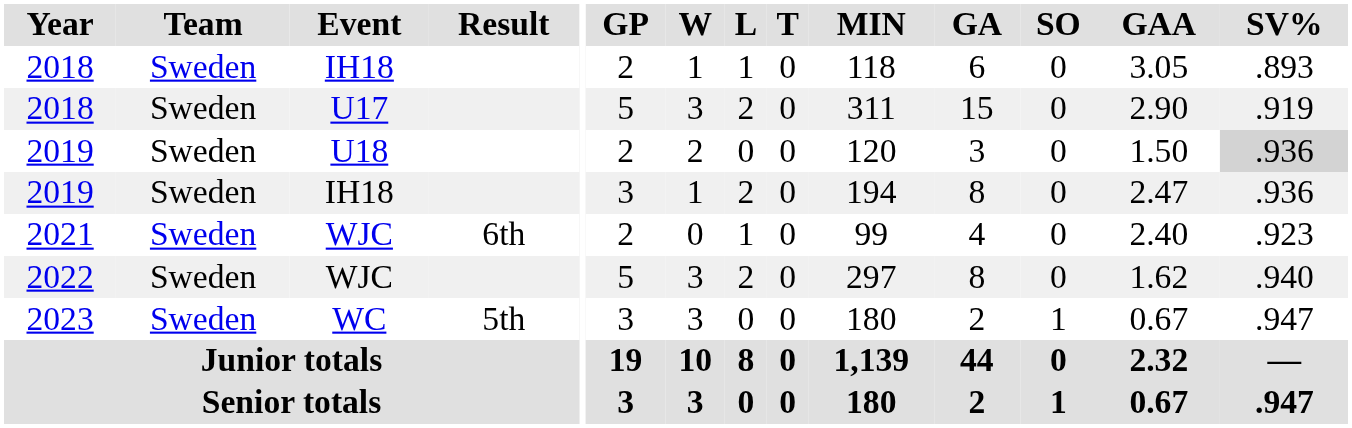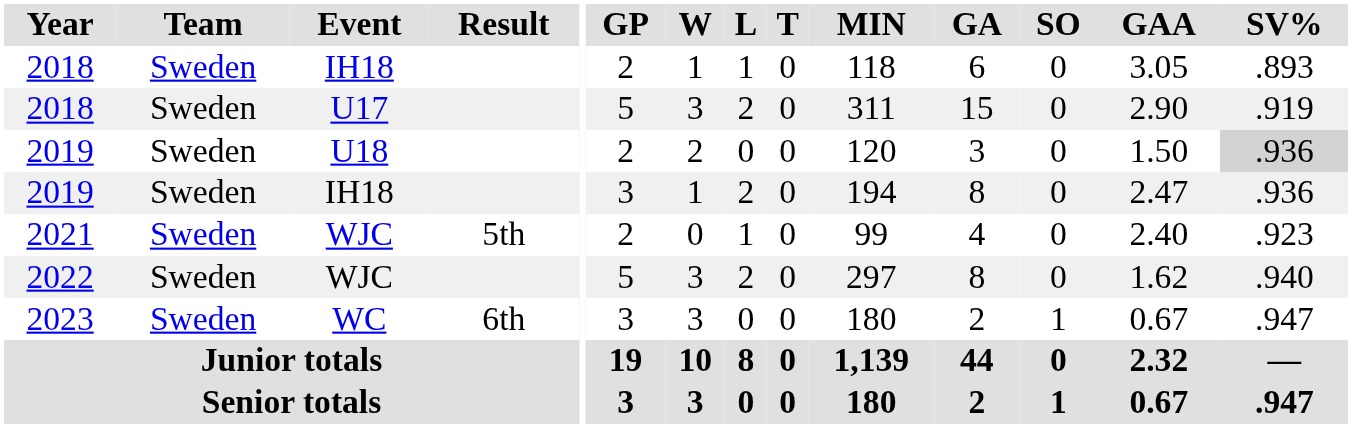 <table border="0" cellpadding="1" cellspacing="0" ID="Table3" style="text-align:center; width:40em;">
 <tr bgcolor="#e0e0e0">
 <th>Year</th>
 <th>Team</th>
 <th>Event</th>
 <th>Result</th>
 <th rowspan="99" bgcolor="#ffffff"></th>
 <th>GP</th>
 <th>W</th>
 <th>L</th>
 <th>T</th>
 <th>MIN</th>
 <th>GA</th>
 <th>SO</th>
 <th>GAA</th>
 <th>SV%</th>
 </tr>
 <tr>
 <td><a href='#'>2018</a></td>
 <td><a href='#'>Sweden</a></td>
 <td><a href='#'>IH18</a></td>
 <td></td>
 <td>2</td>
 <td>1</td>
 <td>1</td>
 <td>0</td>
 <td>118</td>
 <td>6</td>
 <td>0</td>
 <td>3.05</td>
 <td>.893</td>
 </tr>
 <tr bgcolor="#f0f0f0">
 <td><a href='#'>2018</a></td>
 <td>Sweden</td>
 <td><a href='#'>U17</a></td>
 <td></td>
 <td>5</td>
 <td>3</td>
 <td>2</td>
 <td>0</td>
 <td>311</td>
 <td>15</td>
 <td>0</td>
 <td>2.90</td>
 <td>.919</td>
 </tr>
 <tr>
 <td><a href='#'>2019</a></td>
 <td>Sweden</td>
 <td><a href='#'>U18</a></td>
 <td></td>
 <td>2</td>
 <td>2</td>
 <td>0</td>
 <td>0</td>
 <td>120</td>
 <td>3</td>
 <td>0</td>
 <td>1.50</td>
 <td style="background: lightgrey;">.936</td>
 </tr>
 <tr bgcolor="#f0f0f0">
 <td><a href='#'>2019</a></td>
 <td>Sweden</td>
 <td>IH18</td>
 <td></td>
 <td>3</td>
 <td>1</td>
 <td>2</td>
 <td>0</td>
 <td>194</td>
 <td>8</td>
 <td>0</td>
 <td>2.47</td>
 <td>.936</td>
 </tr>
 <tr>
 <td><a href='#'>2021</a></td>
 <td><a href='#'>Sweden</a></td>
 <td><a href='#'>WJC</a></td>
-<td>6th</td>
+<td>5th</td>
 <td>2</td>
 <td>0</td>
 <td>1</td>
 <td>0</td>
 <td>99</td>
 <td>4</td>
 <td>0</td>
 <td>2.40</td>
 <td>.923</td>
 </tr>
 <tr bgcolor="#f0f0f0">
 <td><a href='#'>2022</a></td>
 <td>Sweden</td>
 <td>WJC</td>
 <td></td>
 <td>5</td>
 <td>3</td>
 <td>2</td>
 <td>0</td>
 <td>297</td>
 <td>8</td>
 <td>0</td>
 <td>1.62</td>
 <td>.940</td>
 </tr>
 <tr>
 <td><a href='#'>2023</a></td>
 <td><a href='#'>Sweden</a></td>
 <td><a href='#'>WC</a></td>
-<td>5th</td>
+<td>6th</td>
 <td>3</td>
 <td>3</td>
 <td>0</td>
 <td>0</td>
 <td>180</td>
 <td>2</td>
 <td>1</td>
 <td>0.67</td>
 <td>.947</td>
 </tr>
 <tr bgcolor="#e0e0e0">
 <th colspan="4">Junior totals</th>
 <th>19</th>
 <th>10</th>
 <th>8</th>
 <th>0</th>
 <th>1,139</th>
 <th>44</th>
 <th>0</th>
 <th>2.32</th>
 <th>—</th>
 </tr>
 <tr bgcolor="#e0e0e0">
 <th colspan="4">Senior totals</th>
 <th>3</th>
 <th>3</th>
 <th>0</th>
 <th>0</th>
 <th>180</th>
 <th>2</th>
 <th>1</th>
 <th>0.67</th>
 <th>.947</th>
 </tr>
 </table>
